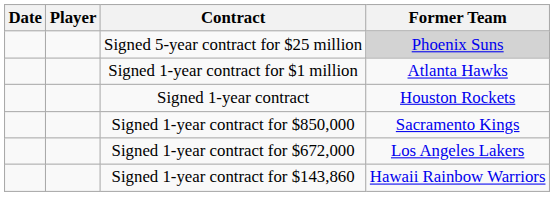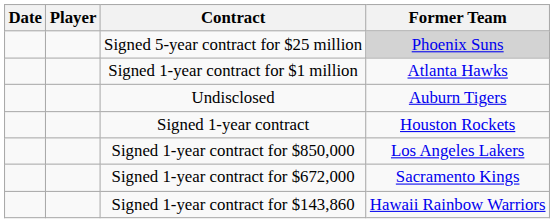 <table class="wikitable sortable sortable">
 <tr>
 <th>Date</th>
 <th>Player</th>
 <th>Contract</th>
 <th>Former Team</th>
 </tr>
 <tr style="text-align: center">
 <td></td>
 <td></td>
 <td>Signed 5-year contract for $25 million</td>
 <td style="background: lightgrey;"><a href='#'>Phoenix Suns</a></td>
 </tr>
 <tr style="text-align: center">
 <td></td>
 <td></td>
 <td>Signed 1-year contract for $1 million</td>
 <td><a href='#'>Atlanta Hawks</a></td>
 </tr>
 <tr style="text-align: center">
 <td></td>
 <td></td>
+<td>Undisclosed</td>
+<td><a href='#'>Auburn Tigers</a></td>
+</tr>
+<tr style="text-align: center">
+<td></td>
+<td></td>
 <td>Signed 1-year contract</td>
 <td><a href='#'>Houston Rockets</a></td>
 </tr>
 <tr style="text-align: center">
 <td></td>
 <td></td>
 <td>Signed 1-year contract for $850,000</td>
-<td><a href='#'>Sacramento Kings</a></td>
+<td><a href='#'>Los Angeles Lakers</a></td>
 </tr>
 <tr style="text-align: center">
 <td></td>
 <td></td>
 <td>Signed 1-year contract for $672,000</td>
-<td><a href='#'>Los Angeles Lakers</a></td>
+<td><a href='#'>Sacramento Kings</a></td>
 </tr>
 <tr style="text-align: center">
 <td></td>
 <td></td>
 <td>Signed 1-year contract for $143,860</td>
 <td><a href='#'>Hawaii Rainbow Warriors</a></td>
 </tr>
 </table>
